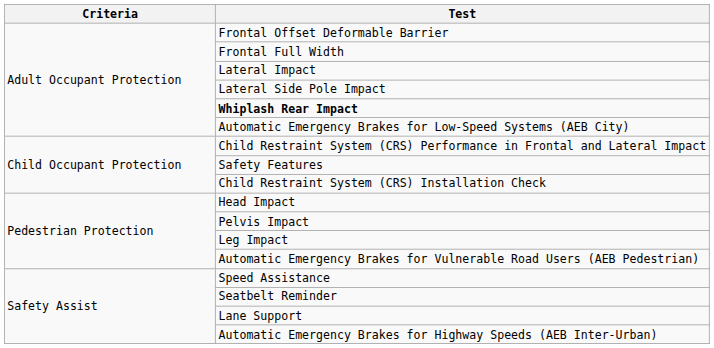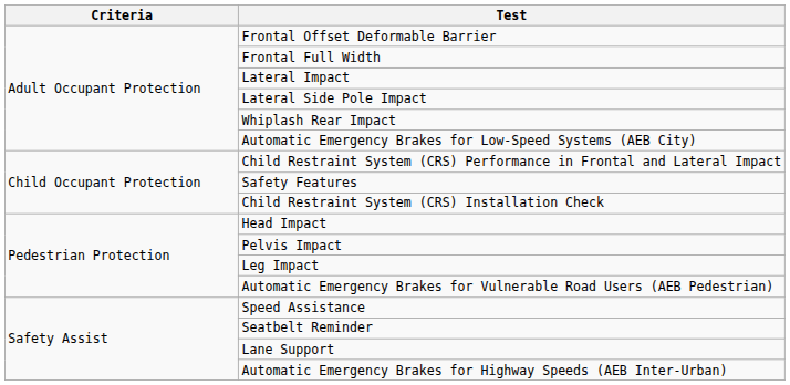 <table class="wikitable">
 <tr>
 <th width=30%>Criteria</th>
 <th>Test</th>
 </tr>
 <tr>
 <td rowspan="6">Adult Occupant Protection</td>
 <td>Frontal Offset Deformable Barrier</td>
 </tr>
 <tr>
 <td>Frontal Full Width</td>
 </tr>
 <tr>
 <td>Lateral Impact</td>
 </tr>
 <tr>
 <td>Lateral Side Pole Impact</td>
 </tr>
 <tr>
-<td><strong>Whiplash Rear Impact</strong></td>
+<td>Whiplash Rear Impact</td>
 </tr>
 <tr>
 <td>Automatic Emergency Brakes for Low-Speed Systems (AEB City)</td>
 </tr>
 <tr>
 <td rowspan="3">Child Occupant Protection</td>
 <td>Child Restraint System (CRS) Performance in Frontal and Lateral Impact</td>
 </tr>
 <tr>
 <td>Safety Features</td>
 </tr>
 <tr>
 <td>Child Restraint System (CRS) Installation Check</td>
 </tr>
 <tr>
 <td rowspan="4">Pedestrian Protection</td>
 <td>Head Impact</td>
 </tr>
 <tr>
 <td>Pelvis Impact</td>
 </tr>
 <tr>
 <td>Leg Impact</td>
 </tr>
 <tr>
 <td>Automatic Emergency Brakes for Vulnerable Road Users (AEB Pedestrian)</td>
 </tr>
 <tr>
 <td rowspan="4">Safety Assist</td>
 <td>Speed Assistance</td>
 </tr>
 <tr>
 <td>Seatbelt Reminder</td>
 </tr>
 <tr>
 <td>Lane Support</td>
 </tr>
 <tr>
 <td>Automatic Emergency Brakes for Highway Speeds (AEB Inter-Urban)</td>
 </tr>
 </table>
